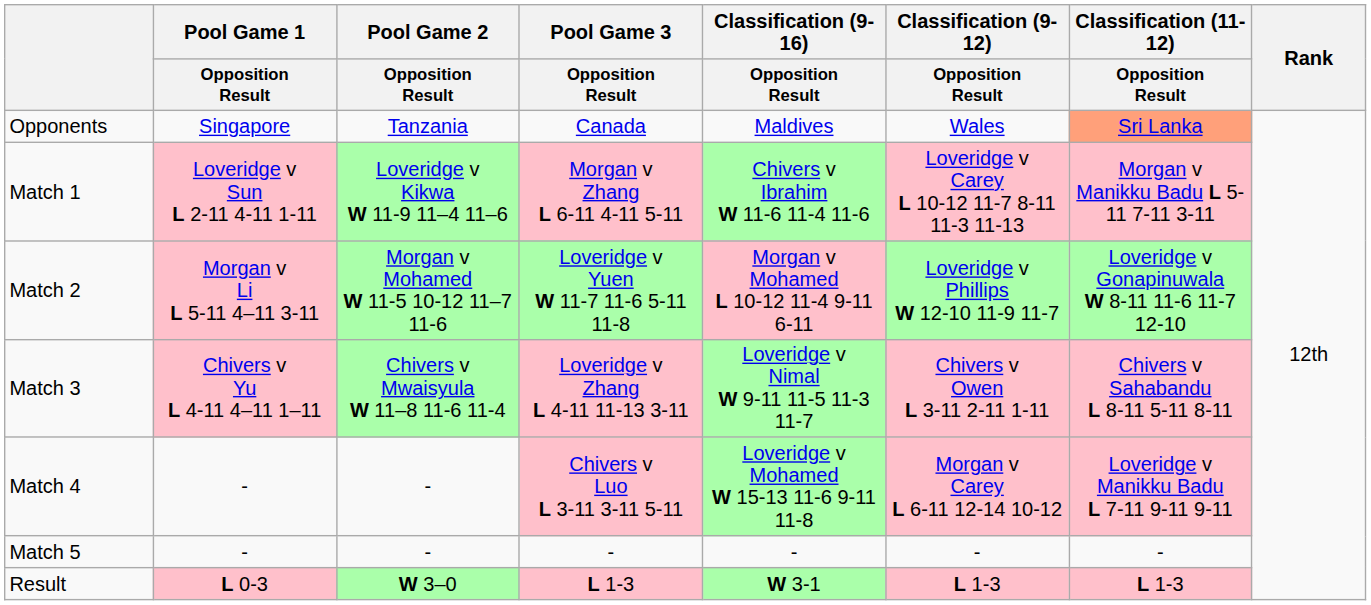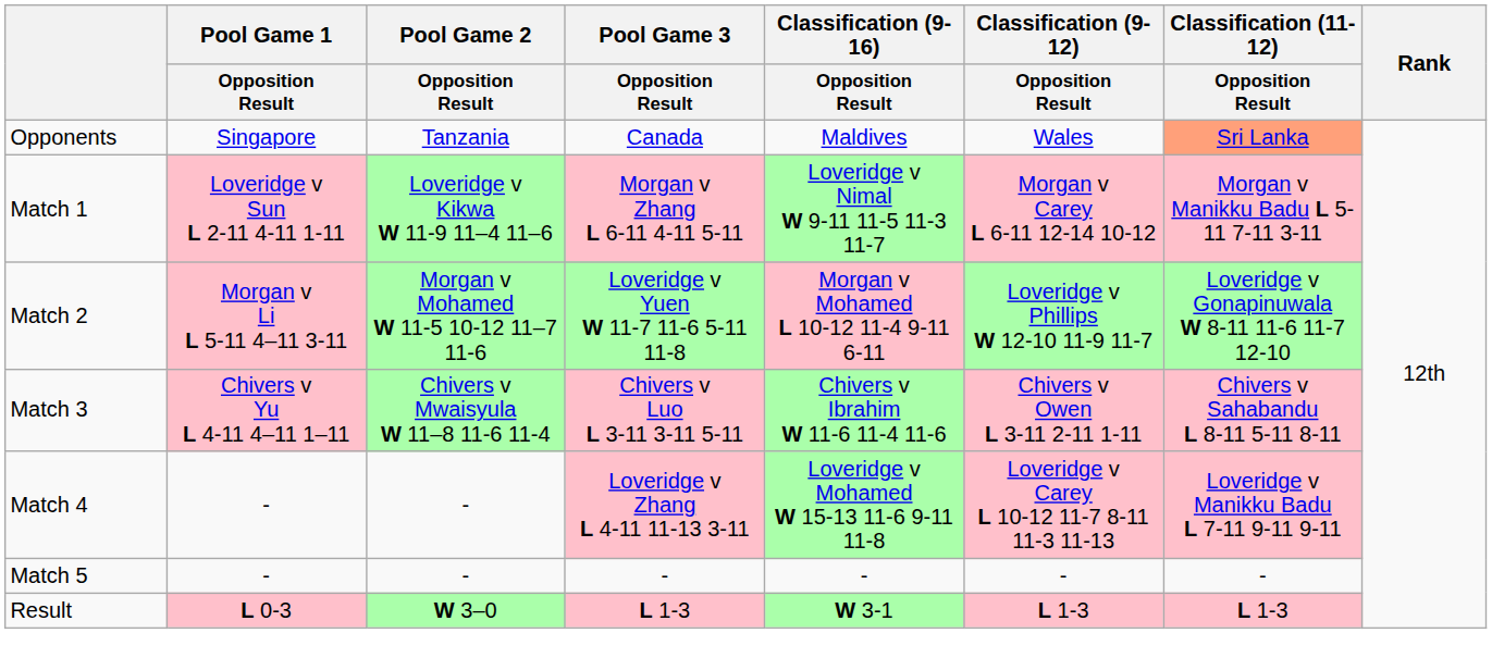 <table class=wikitable style="font-size:90%">
 <tr>
 <th rowspan="2" style="width:100px;"></th>
 <th width=125>Pool Game 1</th>
 <th width=125>Pool Game 2</th>
 <th width=125>Pool Game 3</th>
 <th width=125>Classification (9-16)</th>
 <th width=125>Classification (9-12)</th>
 <th width=125>Classification (11-12)</th>
 <th rowspan="2" style="width:75px;">Rank</th>
 </tr>
 <tr>
 <th style="line-height:1em"><small>Opposition<br>Result</small></th>
 <th style="line-height:1em"><small>Opposition<br>Result</small></th>
 <th style="line-height:1em"><small>Opposition<br>Result</small></th>
 <th style="line-height:1em"><small>Opposition<br>Result</small></th>
 <th style="line-height:1em"><small>Opposition<br>Result</small></th>
 <th style="line-height:1em"><small>Opposition<br>Result</small></th>
 </tr>
 <tr>
 <td>Opponents</td>
 <td style="text-align:center;"> <a href='#'>Singapore</a></td>
 <td style="text-align:center;"> <a href='#'>Tanzania</a></td>
 <td style="text-align:center;"> <a href='#'>Canada</a></td>
 <td style="text-align:center;"> <a href='#'>Maldives</a></td>
 <td style="text-align:center;"> <a href='#'>Wales</a></td>
 <td style="background: lightsalmon; text-align:center;"> <a href='#'>Sri Lanka</a></td>
 <td style="text-align:center;" rowspan="7">12th</td>
 </tr>
 <tr>
 <td>Match 1</td>
 <td style="text-align:center; background:pink;"> <a href='#'>Loveridge</a> v<br> <a href='#'>Sun</a><br><strong>L</strong> 2-11 4-11 1-11</td>
 <td style="text-align:center; background:#afa;"> <a href='#'>Loveridge</a> v<br> <a href='#'>Kikwa</a><br><strong>W</strong> 11-9 11–4 11–6</td>
 <td style="text-align:center; background:pink;"> <a href='#'>Morgan</a> v<br> <a href='#'>Zhang</a><br><strong>L</strong> 6-11 4-11 5-11</td>
-<td style="text-align:center; background:#afa;"> <a href='#'>Chivers</a> v<br> <a href='#'>Ibrahim</a><br><strong>W</strong> 11-6 11-4 11-6</td>
-<td style="text-align:center; background:pink;"> <a href='#'>Loveridge</a> v<br> <a href='#'>Carey</a><br><strong>L</strong> 10-12 11-7 8-11<br>11-3 11-13</td>
+<td style="text-align:center; background:#afa;"> <a href='#'>Loveridge</a> v<br> <a href='#'>Nimal</a><br><strong>W</strong> 9-11 11-5 11-3<br>11-7</td>
+<td style="text-align:center; background:pink;"> <a href='#'>Morgan</a> v<br> <a href='#'>Carey</a><br><strong>L</strong> 6-11 12-14 10-12</td>
 <td style="text-align:center; background:pink;"> <a href='#'>Morgan</a> v<br> <a href='#'>Manikku Badu</a> <strong>L</strong> 5-11 7-11 3-11</td>
 </tr>
 <tr>
 <td>Match 2</td>
 <td style="text-align:center; background:pink;"> <a href='#'>Morgan</a> v<br> <a href='#'>Li</a><br> <strong>L</strong> 5-11 4–11 3-11</td>
 <td style="text-align:center; background:#afa;"> <a href='#'>Morgan</a> v<br> <a href='#'>Mohamed</a><br><strong>W</strong> 11-5 10-12 11–7<br>11-6</td>
 <td style="text-align:center; background:#afa;"> <a href='#'>Loveridge</a> v<br> <a href='#'>Yuen</a><br><strong>W</strong> 11-7 11-6 5-11<br>11-8</td>
 <td style="text-align:center; background:pink;"> <a href='#'>Morgan</a> v<br> <a href='#'>Mohamed</a><br><strong>L</strong> 10-12 11-4 9-11<br>6-11</td>
 <td style="text-align:center; background:#afa;"> <a href='#'>Loveridge</a> v<br> <a href='#'>Phillips</a><br><strong>W</strong> 12-10 11-9 11-7</td>
 <td style="text-align:center; background:#afa;"> <a href='#'>Loveridge</a> v<br> <a href='#'>Gonapinuwala</a><br><strong>W</strong> 8-11 11-6 11-7<br>12-10</td>
 </tr>
 <tr>
 <td>Match 3</td>
 <td style="text-align:center; background:pink;"> <a href='#'>Chivers</a> v<br> <a href='#'>Yu</a><br><strong>L</strong> 4-11 4–11 1–11</td>
 <td style="text-align:center; background:#afa;"> <a href='#'>Chivers</a> v<br> <a href='#'>Mwaisyula</a><br><strong>W</strong> 11–8 11-6 11-4</td>
-<td style="text-align:center; background:pink;"> <a href='#'>Loveridge</a> v<br> <a href='#'>Zhang</a><br><strong>L</strong> 4-11 11-13 3-11</td>
-<td style="text-align:center; background:#afa;"> <a href='#'>Loveridge</a> v<br> <a href='#'>Nimal</a><br><strong>W</strong> 9-11 11-5 11-3<br>11-7</td>
+<td style="text-align:center; background:pink;"> <a href='#'>Chivers</a> v<br> <a href='#'>Luo</a><br><strong>L</strong> 3-11 3-11 5-11</td>
+<td style="text-align:center; background:#afa;"> <a href='#'>Chivers</a> v<br> <a href='#'>Ibrahim</a><br><strong>W</strong> 11-6 11-4 11-6</td>
 <td style="text-align:center; background:pink;"> <a href='#'>Chivers</a> v<br> <a href='#'>Owen</a><br><strong>L</strong> 3-11 2-11 1-11</td>
 <td style="text-align:center; background:pink;"> <a href='#'>Chivers</a> v<br> <a href='#'>Sahabandu</a><br><strong>L</strong> 8-11 5-11 8-11</td>
 </tr>
 <tr>
 <td>Match 4</td>
 <td style="text-align:center;">-</td>
 <td style="text-align:center;">-</td>
-<td style="text-align:center; background:pink;"> <a href='#'>Chivers</a> v<br> <a href='#'>Luo</a><br><strong>L</strong> 3-11 3-11 5-11</td>
+<td style="text-align:center; background:pink;"> <a href='#'>Loveridge</a> v<br> <a href='#'>Zhang</a><br><strong>L</strong> 4-11 11-13 3-11</td>
 <td style="text-align:center; background:#afa;"> <a href='#'>Loveridge</a> v<br> <a href='#'>Mohamed</a><br><strong>W</strong> 15-13 11-6 9-11<br>11-8</td>
-<td style="text-align:center; background:pink;"> <a href='#'>Morgan</a> v<br> <a href='#'>Carey</a><br><strong>L</strong> 6-11 12-14 10-12</td>
+<td style="text-align:center; background:pink;"> <a href='#'>Loveridge</a> v<br> <a href='#'>Carey</a><br><strong>L</strong> 10-12 11-7 8-11<br>11-3 11-13</td>
 <td style="text-align:center; background:pink;"> <a href='#'>Loveridge</a> v<br> <a href='#'>Manikku Badu</a><br><strong>L</strong> 7-11 9-11 9-11</td>
 </tr>
 <tr>
 <td>Match 5</td>
 <td style="text-align:center;">-</td>
 <td style="text-align:center;">-</td>
 <td style="text-align:center;">-</td>
 <td style="text-align:center;">-</td>
 <td style="text-align:center;">-</td>
 <td style="text-align:center;">-</td>
 </tr>
 <tr>
 <td>Result</td>
 <td style="text-align:center; background:pink;"><strong>L</strong> 0-3</td>
 <td style="text-align:center; background:#afa;"><strong>W</strong> 3–0</td>
 <td style="text-align:center; background:pink;"><strong>L</strong> 1-3</td>
 <td style="text-align:center; background:#afa;"><strong>W</strong> 3-1</td>
 <td style="text-align:center; background:pink;"><strong>L</strong> 1-3</td>
 <td style="text-align:center; background:pink;"><strong>L</strong> 1-3</td>
 </tr>
 </table>
